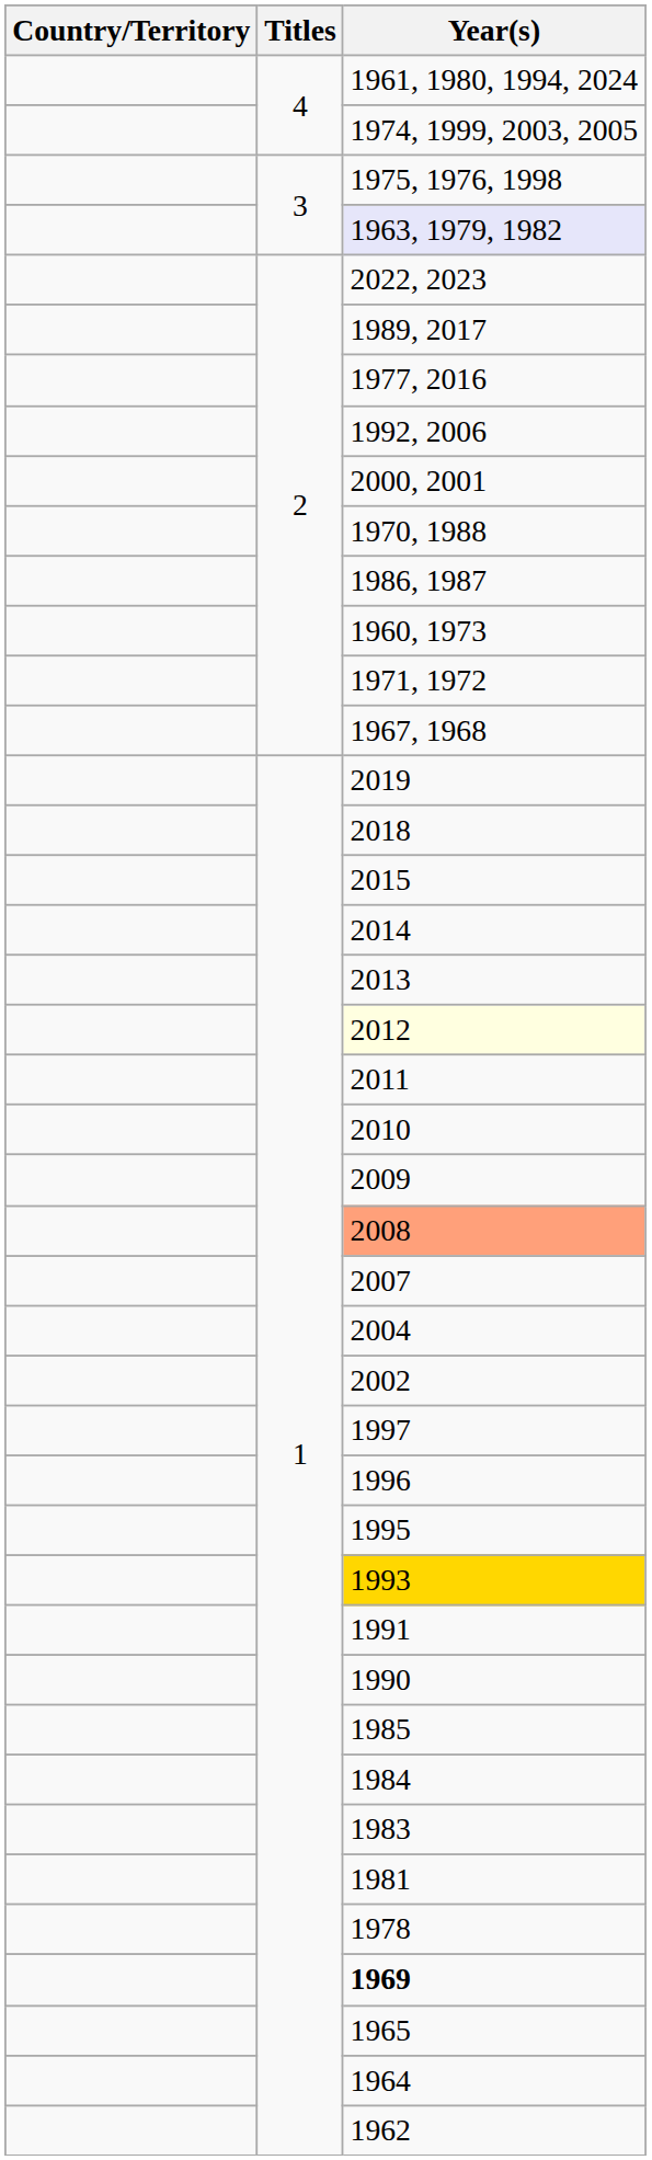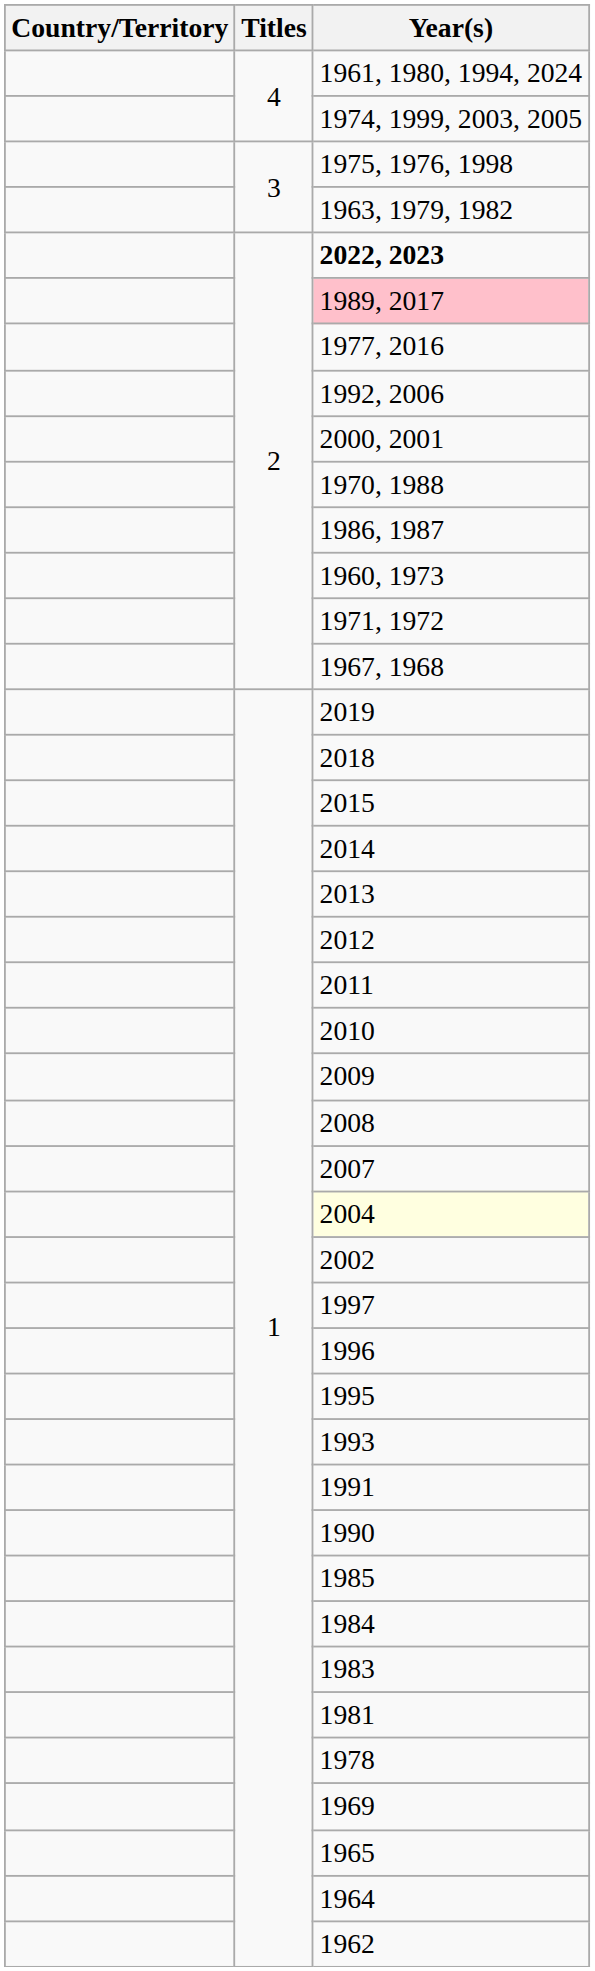 <table class="wikitable sortable" style="font-size: 95%;">
 <tr>
 <th>Country/Territory</th>
 <th>Titles</th>
 <th>Year(s)</th>
 </tr>
 <tr>
 <td></td>
 <td rowspan="2" style="text-align:center;">4</td>
 <td>1961, 1980, 1994, 2024</td>
 </tr>
 <tr>
 <td></td>
 <td>1974, 1999, 2003, 2005</td>
 </tr>
 <tr>
 <td></td>
 <td rowspan="2" style="text-align:center;">3</td>
 <td>1975, 1976, 1998</td>
 </tr>
 <tr>
 <td></td>
-<td style="background: lavender;">1963, 1979, 1982</td>
+<td>1963, 1979, 1982</td>
 </tr>
 <tr>
 <td></td>
 <td rowspan="10" style="text-align:center;">2</td>
-<td>2022, 2023</td>
+<td><strong>2022, 2023</strong></td>
 </tr>
 <tr>
 <td></td>
-<td>1989, 2017</td>
+<td style="background: pink;">1989, 2017</td>
 </tr>
 <tr>
 <td></td>
 <td>1977, 2016</td>
 </tr>
 <tr>
 <td></td>
 <td>1992, 2006</td>
 </tr>
 <tr>
 <td></td>
 <td>2000, 2001</td>
 </tr>
 <tr>
 <td></td>
 <td>1970, 1988</td>
 </tr>
 <tr>
 <td></td>
 <td>1986, 1987</td>
 </tr>
 <tr>
 <td></td>
 <td>1960, 1973</td>
 </tr>
 <tr>
 <td></td>
 <td>1971, 1972</td>
 </tr>
 <tr>
 <td></td>
 <td>1967, 1968</td>
 </tr>
 <tr>
 <td></td>
 <td rowspan="30" style="text-align:center;">1</td>
 <td>2019</td>
 </tr>
 <tr>
 <td></td>
 <td>2018</td>
 </tr>
 <tr>
 <td></td>
 <td>2015</td>
 </tr>
 <tr>
 <td></td>
 <td>2014</td>
 </tr>
 <tr>
 <td></td>
 <td>2013</td>
 </tr>
 <tr>
 <td></td>
-<td style="background: lightyellow;">2012</td>
+<td>2012</td>
 </tr>
 <tr>
 <td></td>
 <td>2011</td>
 </tr>
 <tr>
 <td></td>
 <td>2010</td>
 </tr>
 <tr>
 <td></td>
 <td>2009</td>
 </tr>
 <tr>
 <td></td>
-<td style="background: lightsalmon;">2008</td>
+<td>2008</td>
 </tr>
 <tr>
 <td></td>
 <td>2007</td>
 </tr>
 <tr>
 <td></td>
-<td>2004</td>
+<td style="background: lightyellow;">2004</td>
 </tr>
 <tr>
 <td></td>
 <td>2002</td>
 </tr>
 <tr>
 <td></td>
 <td>1997</td>
 </tr>
 <tr>
 <td></td>
 <td>1996</td>
 </tr>
 <tr>
 <td></td>
 <td>1995</td>
 </tr>
 <tr>
 <td></td>
-<td style="background: gold;">1993</td>
+<td>1993</td>
 </tr>
 <tr>
 <td></td>
 <td>1991</td>
 </tr>
 <tr>
 <td></td>
 <td>1990</td>
 </tr>
 <tr>
 <td></td>
 <td>1985</td>
 </tr>
 <tr>
 <td></td>
 <td>1984</td>
 </tr>
 <tr>
 <td></td>
 <td>1983</td>
 </tr>
 <tr>
 <td></td>
 <td>1981</td>
 </tr>
 <tr>
 <td></td>
 <td>1978</td>
 </tr>
 <tr>
 <td></td>
-<td><strong>1969</strong></td>
+<td>1969</td>
 </tr>
 <tr>
 <td></td>
 <td>1965</td>
 </tr>
 <tr>
 <td></td>
 <td>1964</td>
 </tr>
 <tr>
 <td></td>
 <td>1962</td>
 </tr>
 </table>
